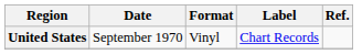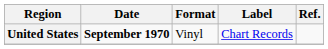 <table class="wikitable plainrowheaders">
 <tr>
 <th scope="col">Region</th>
 <th scope="col">Date</th>
 <th scope="col">Format</th>
 <th scope="col">Label</th>
 <th scope="col">Ref.</th>
 </tr>
 <tr>
 <th scope="row">United States</th>
-<td>September 1970</td>
+<td><strong>September 1970</strong></td>
 <td>Vinyl</td>
 <td><a href='#'>Chart Records</a></td>
 <td></td>
 </tr>
 <tr>
 </tr>
 </table>
